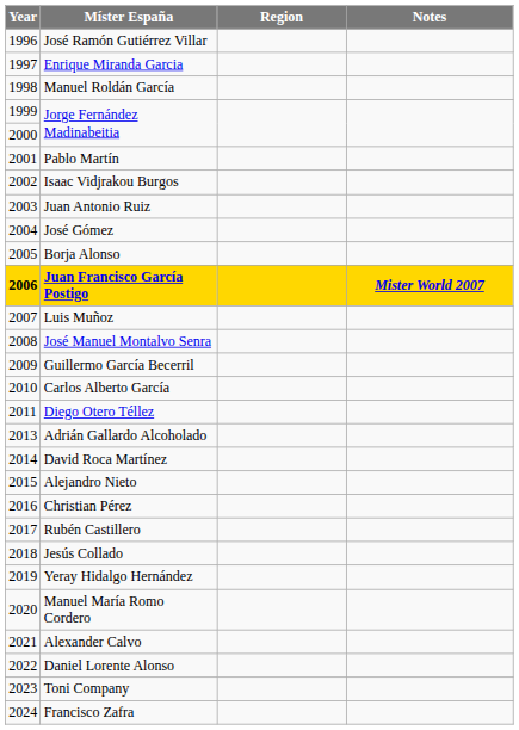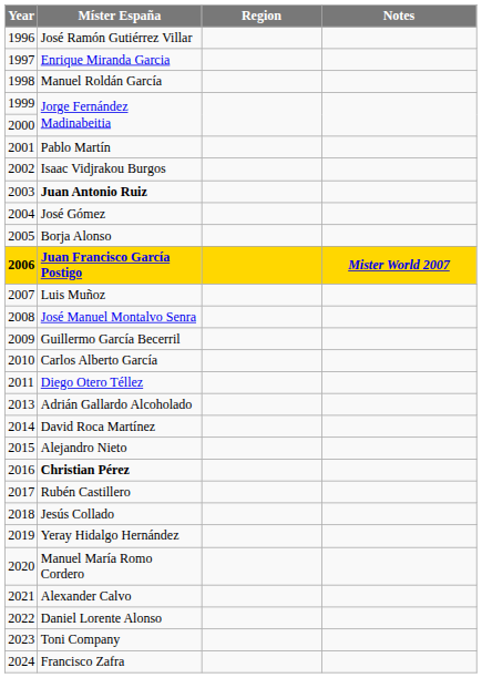 <table class="wikitable sortable" style="font-size: 95%;">
 <tr>
 <th width="30" style="background-color:#787878;color:#FFFFFF;">Year</th>
 <th width="180" style="background-color:#787878;color:#FFFFFF;">Míster España</th>
 <th width="130" style="background-color:#787878;color:#FFFFFF;">Region</th>
 <th width="170" style="background-color:#787878;color:#FFFFFF;">Notes</th>
 </tr>
 <tr>
 <td>1996</td>
 <td>José Ramón Gutiérrez Villar</td>
 <td></td>
 <td></td>
 </tr>
 <tr>
 <td>1997</td>
 <td><a href='#'>Enrique Miranda Garcia</a></td>
 <td></td>
 <td></td>
 </tr>
 <tr>
 <td>1998</td>
 <td>Manuel Roldán García</td>
 <td></td>
 <td></td>
 </tr>
 <tr>
 <td>1999</td>
 <td rowspan="2"><a href='#'>Jorge Fernández Madinabeitia</a></td>
 <td rowspan="2"></td>
 </tr>
 <tr>
 <td>2000</td>
 </tr>
 <tr>
 <td>2001</td>
 <td>Pablo Martín</td>
 <td></td>
 <td></td>
 </tr>
 <tr>
 <td>2002</td>
 <td>Isaac Vidjrakou Burgos</td>
 <td></td>
 <td></td>
 </tr>
 <tr>
 <td>2003</td>
-<td>Juan Antonio Ruiz</td>
+<td><strong>Juan Antonio Ruiz</strong></td>
 <td></td>
 <td></td>
 </tr>
 <tr>
 <td>2004</td>
 <td>José Gómez</td>
 <td></td>
 <td></td>
 </tr>
 <tr>
 <td>2005</td>
 <td>Borja Alonso</td>
 <td></td>
 <td></td>
 </tr>
 <tr style="background-color:GOLD; font-weight: bold">
 <td>2006</td>
 <td><a href='#'>Juan Francisco García Postigo</a></td>
 <td></td>
 <td align="center"><strong><em><a href='#'>Mister World 2007</a></em></strong></td>
 </tr>
 <tr>
 <td>2007</td>
 <td>Luis Muñoz</td>
 <td></td>
 <td></td>
 </tr>
 <tr>
 <td>2008</td>
 <td><a href='#'>José Manuel Montalvo Senra</a></td>
 <td></td>
 <td></td>
 </tr>
 <tr>
 <td>2009</td>
 <td>Guillermo García Becerril</td>
 <td></td>
 <td></td>
 </tr>
 <tr>
 <td>2010</td>
 <td>Carlos Alberto García</td>
 <td></td>
 <td></td>
 </tr>
 <tr>
 <td>2011</td>
 <td><a href='#'>Diego Otero Téllez</a></td>
 <td></td>
 <td></td>
 </tr>
 <tr>
 <td>2013</td>
 <td>Adrián Gallardo Alcoholado</td>
 <td></td>
 <td></td>
 </tr>
 <tr>
 <td>2014</td>
 <td>David Roca Martínez</td>
 <td></td>
 <td></td>
 </tr>
 <tr>
 <td>2015</td>
 <td>Alejandro Nieto</td>
 <td></td>
 <td></td>
 </tr>
 <tr>
 <td>2016</td>
-<td>Christian Pérez</td>
+<td><strong>Christian Pérez</strong></td>
 <td></td>
 <td></td>
 </tr>
 <tr>
 <td>2017</td>
 <td>Rubén Castillero</td>
 <td></td>
 <td></td>
 </tr>
 <tr>
 <td>2018</td>
 <td>Jesús Collado</td>
 <td></td>
 <td></td>
 </tr>
 <tr>
 <td>2019</td>
 <td>Yeray Hidalgo Hernández</td>
 <td></td>
 <td></td>
 </tr>
 <tr>
 <td>2020</td>
 <td>Manuel María Romo Cordero</td>
 <td></td>
 <td></td>
 </tr>
 <tr>
 <td>2021</td>
 <td>Alexander Calvo</td>
 <td></td>
 <td></td>
 </tr>
 <tr>
 <td>2022</td>
 <td>Daniel Lorente Alonso</td>
 <td></td>
 <td></td>
 </tr>
 <tr>
 <td>2023</td>
 <td>Toni Company</td>
 <td></td>
 <td></td>
 </tr>
 <tr>
 <td>2024</td>
 <td>Francisco Zafra</td>
 <td></td>
 <td></td>
 </tr>
 </table>
